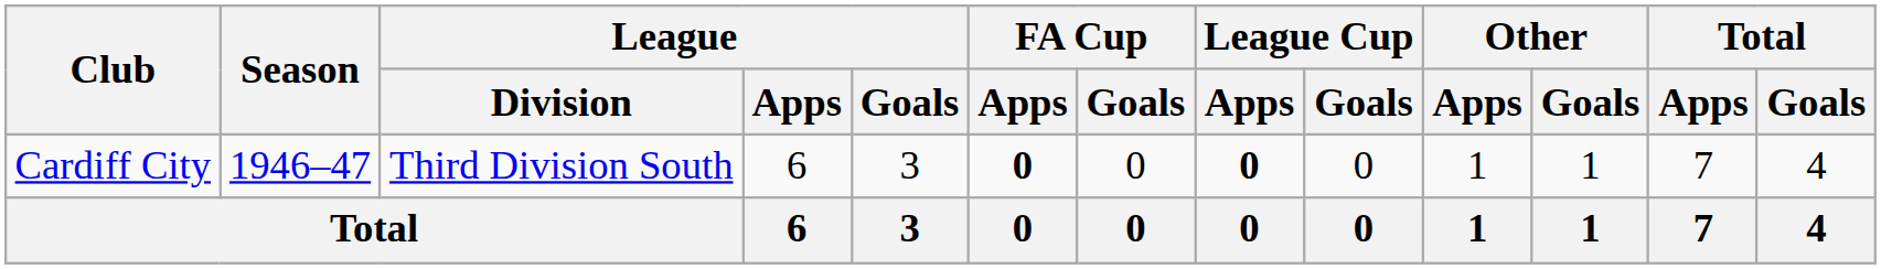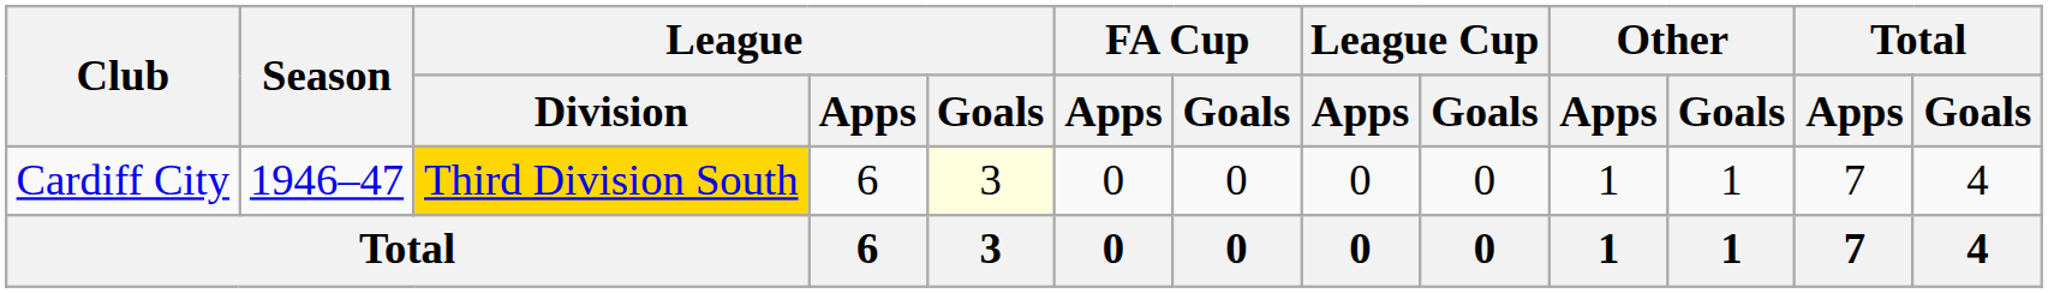 <table class="wikitable" style="text-align:center;">
 <tr>
 <th rowspan="2">Club</th>
 <th rowspan="2">Season</th>
 <th colspan="3">League</th>
 <th colspan="2">FA Cup</th>
 <th colspan="2">League Cup</th>
 <th colspan="2">Other</th>
 <th colspan="2">Total</th>
 </tr>
 <tr>
 <th>Division</th>
 <th>Apps</th>
 <th>Goals</th>
 <th>Apps</th>
 <th>Goals</th>
 <th>Apps</th>
 <th>Goals</th>
 <th>Apps</th>
 <th>Goals</th>
 <th>Apps</th>
 <th>Goals</th>
 </tr>
 <tr>
 <td><a href='#'>Cardiff City</a></td>
 <td><a href='#'>1946–47</a></td>
-<td><a href='#'>Third Division South</a></td>
+<td style="background: gold;"><a href='#'>Third Division South</a></td>
 <td>6</td>
-<td>3</td>
-<td><strong>0</strong></td>
+<td style="background: lightyellow;">3</td>
 <td>0</td>
-<td><strong>0</strong></td>
+<td>0</td>
+<td>0</td>
 <td>0</td>
 <td>1</td>
 <td>1</td>
 <td>7</td>
 <td>4</td>
 </tr>
 <tr>
 <th colspan="3">Total</th>
 <th>6</th>
 <th>3</th>
 <th>0</th>
 <th>0</th>
 <th>0</th>
 <th>0</th>
 <th>1</th>
 <th>1</th>
 <th>7</th>
 <th>4</th>
 </tr>
 </table>
